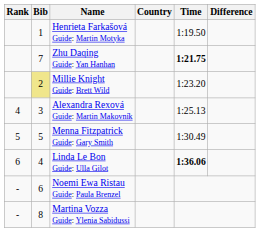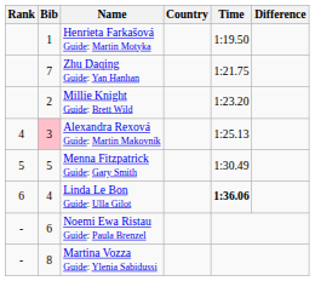 <table class="wikitable sortable" style="text-align:center">
 <tr>
 <th>Rank</th>
 <th>Bib</th>
 <th>Name</th>
 <th>Country</th>
 <th>Time</th>
 <th>Difference</th>
 </tr>
 <tr>
 <td></td>
 <td>1</td>
 <td align="left"><a href='#'>Henrieta Farkašová</a><br><small><a href='#'>Guide</a>: <a href='#'>Martin Motyka</a> </small></td>
 <td align="left"></td>
 <td>1:19.50</td>
 <td></td>
 </tr>
 <tr>
 <td></td>
 <td>7</td>
 <td align="left"><a href='#'>Zhu Daqing</a><br><small><a href='#'>Guide</a>: <a href='#'>Yan Hanhan</a> </small></td>
 <td align="left"></td>
-<td><strong>1:21.75</strong></td>
+<td>1:21.75</td>
 <td></td>
 </tr>
 <tr>
 <td></td>
-<td style="background: khaki;">2</td>
+<td>2</td>
 <td align="left"><a href='#'>Millie Knight</a><br><small><a href='#'>Guide</a>: <a href='#'>Brett Wild</a> </small></td>
 <td align="left"></td>
 <td>1:23.20</td>
 <td></td>
 </tr>
 <tr>
 <td>4</td>
-<td>3</td>
+<td style="background: pink;">3</td>
 <td align="left"><a href='#'>Alexandra Rexová</a><br><small><a href='#'>Guide</a>: <a href='#'>Martin Makovník</a> </small></td>
 <td align="left"></td>
 <td>1:25.13</td>
 <td></td>
 </tr>
 <tr>
 <td>5</td>
 <td>5</td>
 <td align="left"><a href='#'>Menna Fitzpatrick</a><br><small><a href='#'>Guide</a>: <a href='#'>Gary Smith</a> </small></td>
 <td align="left"></td>
 <td>1:30.49</td>
 <td></td>
 </tr>
 <tr>
 <td>6</td>
 <td>4</td>
 <td align="left"><a href='#'>Linda Le Bon</a><br><small><a href='#'>Guide</a>: <a href='#'>Ulla Gilot</a></small></td>
 <td align="left"></td>
 <td><strong>1:36.06</strong></td>
 <td></td>
 </tr>
 <tr>
 <td>-</td>
 <td>6</td>
 <td align="left"><a href='#'>Noemi Ewa Ristau</a><br><small><a href='#'>Guide</a>: <a href='#'>Paula Brenzel</a> </small></td>
 <td align="left"></td>
 <td colspan="2"></td>
 </tr>
 <tr>
 <td>-</td>
 <td>8</td>
 <td align="left"><a href='#'>Martina Vozza</a><br><small><a href='#'>Guide</a>: <a href='#'>Ylenia Sabidussi</a> </small></td>
 <td align="left"></td>
 <td colspan="2"></td>
 </tr>
 </table>
